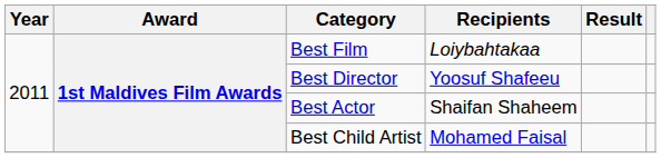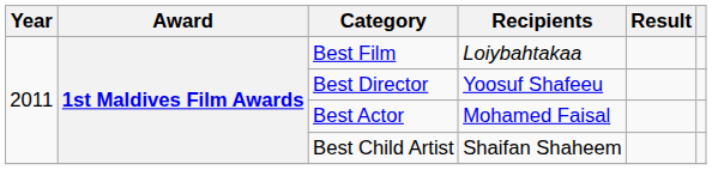 <table class="wikitable plainrowheaders sortable">
 <tr>
 <th scope="col">Year</th>
 <th scope="col">Award</th>
 <th scope="col">Category</th>
 <th scope="col">Recipients</th>
 <th scope="col">Result</th>
 <th scope="col" class="unsortable"></th>
 </tr>
 <tr>
 <td rowspan="4">2011</td>
 <th scope="row" rowspan="4"><a href='#'>1st Maldives Film Awards</a></th>
 <td><a href='#'>Best Film</a></td>
 <td><em>Loiybahtakaa</em></td>
 <td></td>
 <td style="text-align:center;"></td>
 </tr>
 <tr>
 <td><a href='#'>Best Director</a></td>
 <td><a href='#'>Yoosuf Shafeeu</a></td>
 <td></td>
 <td style="text-align:center;"></td>
 </tr>
 <tr>
 <td><a href='#'>Best Actor</a></td>
-<td>Shaifan Shaheem</td>
+<td><a href='#'>Mohamed Faisal</a></td>
 <td></td>
 <td style="text-align:center;"></td>
 </tr>
 <tr>
 <td>Best Child Artist</td>
-<td><a href='#'>Mohamed Faisal</a></td>
+<td>Shaifan Shaheem</td>
 <td></td>
 <td style="text-align:center;"></td>
 </tr>
 <tr>
 </tr>
 </table>
